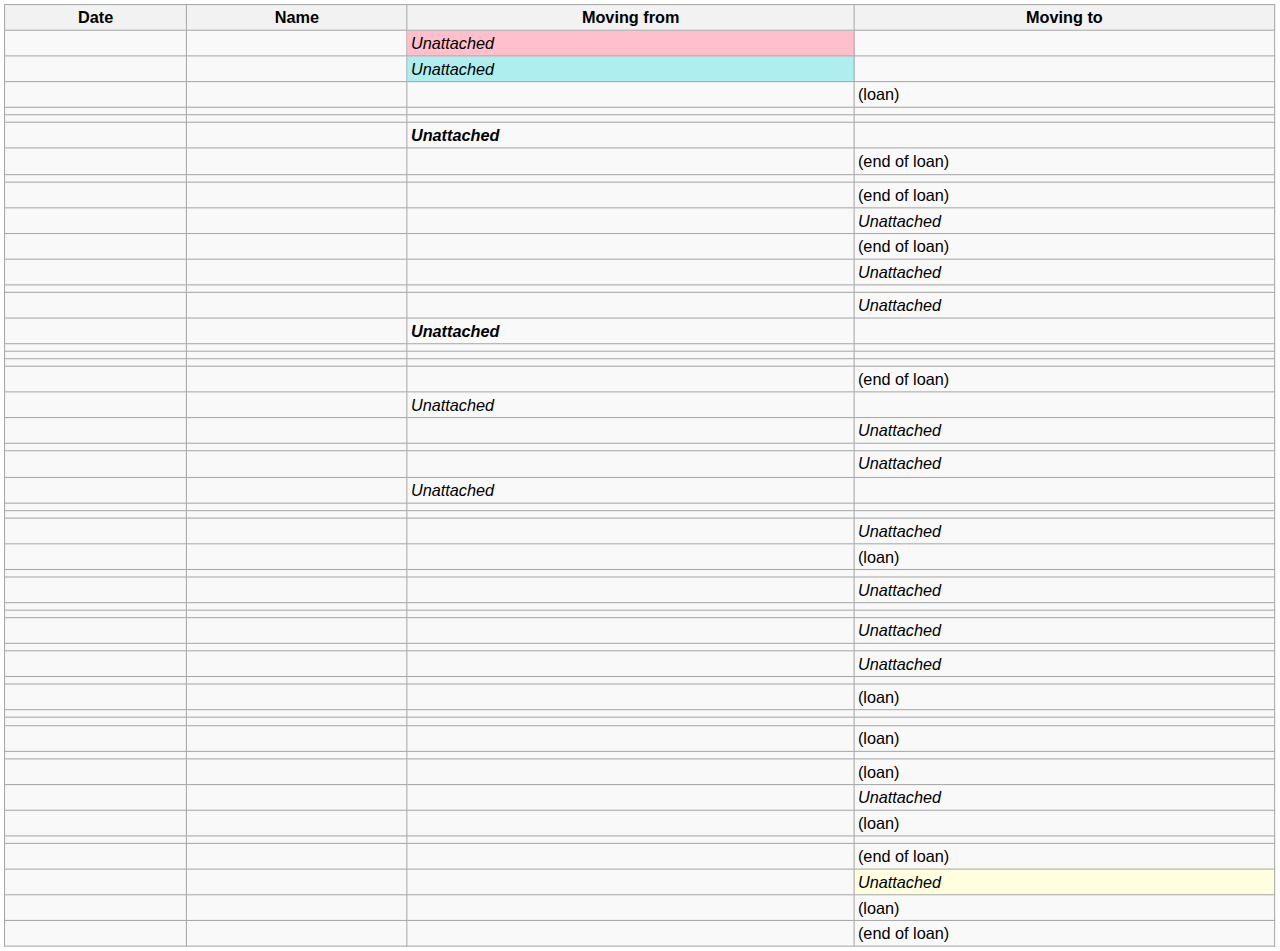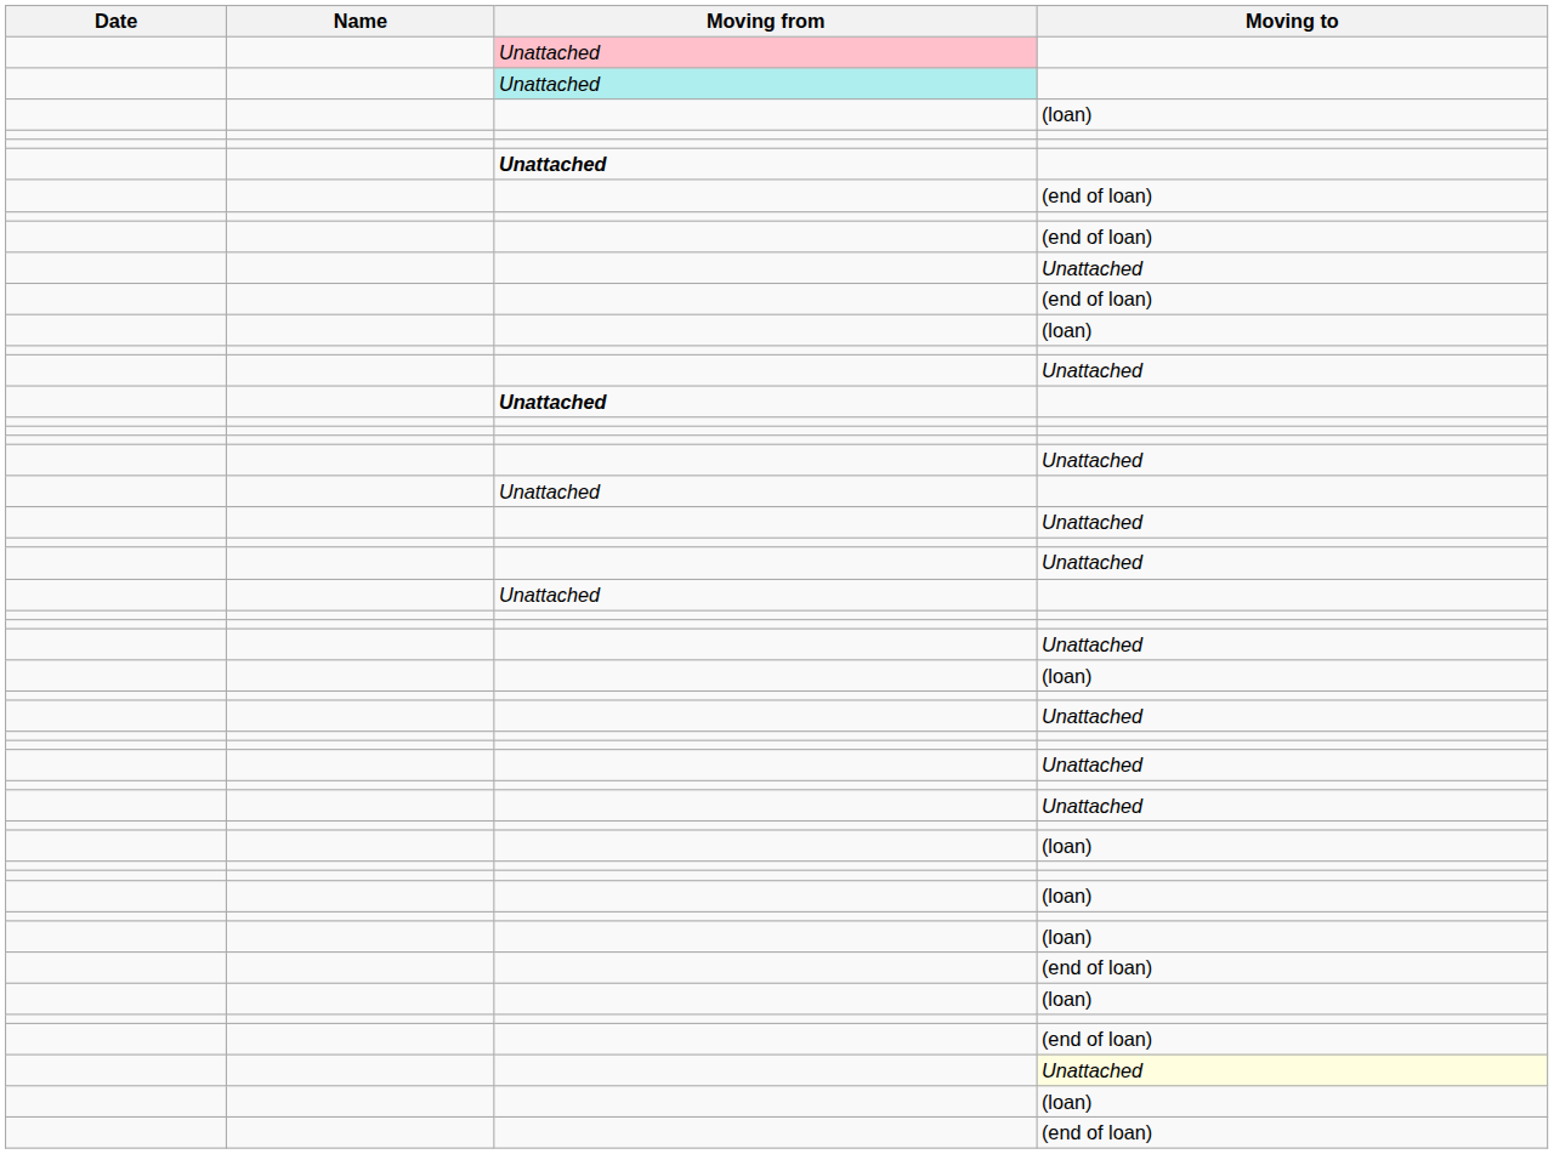 <table class="wikitable sortable" style="width:75%; font-size:95%; ">
 <tr>
 <th>Date</th>
 <th>Name</th>
 <th>Moving from</th>
 <th>Moving to</th>
 </tr>
 <tr>
 <td></td>
 <td></td>
 <td style="background: pink;"><em>Unattached</em></td>
 <td></td>
 </tr>
 <tr>
 <td></td>
 <td></td>
 <td style="background: paleturquoise;"><em>Unattached</em></td>
 <td></td>
 </tr>
 <tr>
 <td></td>
 <td></td>
 <td></td>
 <td> (loan)</td>
 </tr>
 <tr>
 <td></td>
 <td></td>
 <td></td>
 <td></td>
 </tr>
 <tr>
 <td></td>
 <td></td>
 <td></td>
 <td></td>
 </tr>
 <tr>
 <td></td>
 <td></td>
 <td><strong><em>Unattached</em></strong></td>
 <td></td>
 </tr>
 <tr>
 <td></td>
 <td></td>
 <td></td>
 <td> (end of loan)</td>
 </tr>
 <tr>
 <td></td>
 <td></td>
 <td></td>
 <td></td>
 </tr>
 <tr>
 <td></td>
 <td></td>
 <td></td>
 <td> (end of loan)</td>
 </tr>
 <tr>
 <td></td>
 <td></td>
 <td></td>
 <td><em>Unattached</em></td>
 </tr>
 <tr>
 <td></td>
 <td></td>
 <td></td>
 <td> (end of loan)</td>
 </tr>
 <tr>
 <td></td>
 <td></td>
 <td></td>
-<td><em>Unattached</em></td>
+<td> (loan)</td>
 </tr>
 <tr>
 <td></td>
 <td></td>
 <td></td>
 <td></td>
 </tr>
 <tr>
 <td></td>
 <td></td>
 <td></td>
 <td><em>Unattached</em></td>
 </tr>
 <tr>
 <td></td>
 <td></td>
 <td><strong><em>Unattached</em></strong></td>
 <td></td>
 </tr>
 <tr>
 <td></td>
 <td></td>
 <td></td>
 <td></td>
 </tr>
 <tr>
 <td></td>
 <td></td>
 <td></td>
 <td></td>
 </tr>
 <tr>
 <td></td>
 <td></td>
 <td></td>
 <td></td>
 </tr>
 <tr>
 <td></td>
 <td></td>
 <td></td>
-<td> (end of loan)</td>
+<td><em>Unattached</em></td>
 </tr>
 <tr>
 <td></td>
 <td></td>
 <td><em>Unattached</em></td>
 <td></td>
 </tr>
 <tr>
 <td></td>
 <td></td>
 <td></td>
 <td><em>Unattached</em></td>
 </tr>
 <tr>
 <td></td>
 <td></td>
 <td></td>
 <td></td>
 </tr>
 <tr>
 <td></td>
 <td></td>
 <td></td>
 <td><em>Unattached</em></td>
 </tr>
 <tr>
 <td></td>
 <td></td>
 <td><em>Unattached</em></td>
 <td></td>
 </tr>
 <tr>
 <td></td>
 <td></td>
 <td></td>
 <td></td>
 </tr>
 <tr>
 <td></td>
 <td></td>
 <td></td>
 <td></td>
 </tr>
 <tr>
 <td></td>
 <td></td>
 <td></td>
 <td><em>Unattached</em></td>
 </tr>
 <tr>
 <td></td>
 <td></td>
 <td></td>
 <td> (loan)</td>
 </tr>
 <tr>
 <td></td>
 <td></td>
 <td></td>
 <td></td>
 </tr>
 <tr>
 <td></td>
 <td></td>
 <td></td>
 <td><em>Unattached</em></td>
 </tr>
 <tr>
 <td></td>
 <td></td>
 <td></td>
 <td></td>
 </tr>
 <tr>
 <td></td>
 <td></td>
 <td></td>
 <td></td>
 </tr>
 <tr>
 <td></td>
 <td></td>
 <td></td>
 <td><em>Unattached</em></td>
 </tr>
 <tr>
 <td></td>
 <td></td>
 <td></td>
 <td></td>
 </tr>
 <tr>
 <td></td>
 <td></td>
 <td></td>
 <td><em>Unattached</em></td>
 </tr>
 <tr>
 <td></td>
 <td></td>
 <td></td>
 <td></td>
 </tr>
 <tr>
 <td></td>
 <td></td>
 <td></td>
 <td> (loan)</td>
 </tr>
 <tr>
 <td></td>
 <td></td>
 <td></td>
 <td></td>
 </tr>
 <tr>
 <td></td>
 <td></td>
 <td></td>
 <td></td>
 </tr>
 <tr>
 <td></td>
 <td></td>
 <td></td>
 <td> (loan)</td>
 </tr>
 <tr>
 <td></td>
 <td></td>
 <td></td>
 <td></td>
 </tr>
 <tr>
 <td></td>
 <td></td>
 <td></td>
 <td> (loan)</td>
 </tr>
 <tr>
 <td></td>
 <td></td>
 <td></td>
-<td><em>Unattached</em></td>
+<td> (end of loan)</td>
 </tr>
 <tr>
 <td></td>
 <td></td>
 <td></td>
 <td> (loan)</td>
 </tr>
 <tr>
 <td></td>
 <td></td>
 <td></td>
 <td></td>
 </tr>
 <tr>
 <td></td>
 <td></td>
 <td></td>
 <td> (end of loan)</td>
 </tr>
 <tr>
 <td></td>
 <td></td>
 <td></td>
 <td style="background: lightyellow;"><em>Unattached</em></td>
 </tr>
 <tr>
 <td></td>
 <td></td>
 <td></td>
 <td> (loan)</td>
 </tr>
 <tr>
 <td></td>
 <td></td>
 <td></td>
 <td> (end of loan)</td>
 </tr>
 </table>
